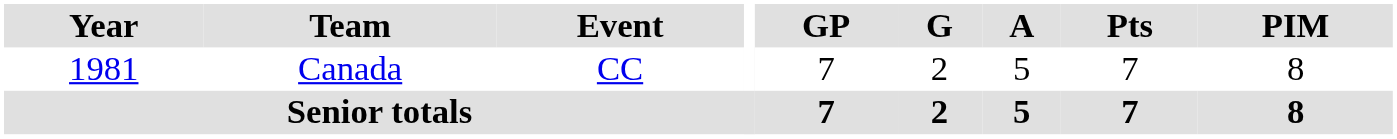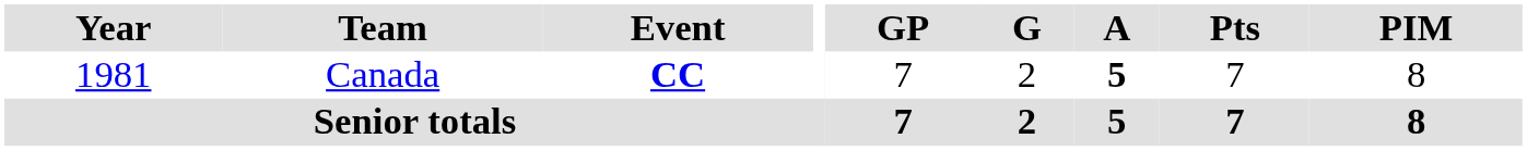 <table border="0" cellpadding="1" cellspacing="0" ID="Table3" style="text-align:center; width:40em;">
 <tr bgcolor="#e0e0e0">
 <th>Year</th>
 <th>Team</th>
 <th>Event</th>
 <th rowspan="102" bgcolor="#ffffff"></th>
 <th>GP</th>
 <th>G</th>
 <th>A</th>
 <th>Pts</th>
 <th>PIM</th>
 </tr>
 <tr>
 <td><a href='#'>1981</a></td>
 <td><a href='#'>Canada</a></td>
-<td><a href='#'>CC</a></td>
+<td><strong><a href='#'>CC</a></strong></td>
 <td>7</td>
 <td>2</td>
-<td>5</td>
+<td><strong>5</strong></td>
 <td>7</td>
 <td>8</td>
 </tr>
 <tr bgcolor="#e0e0e0">
 <th colspan="4">Senior totals</th>
 <th>7</th>
 <th>2</th>
 <th>5</th>
 <th>7</th>
 <th>8</th>
 </tr>
 </table>
